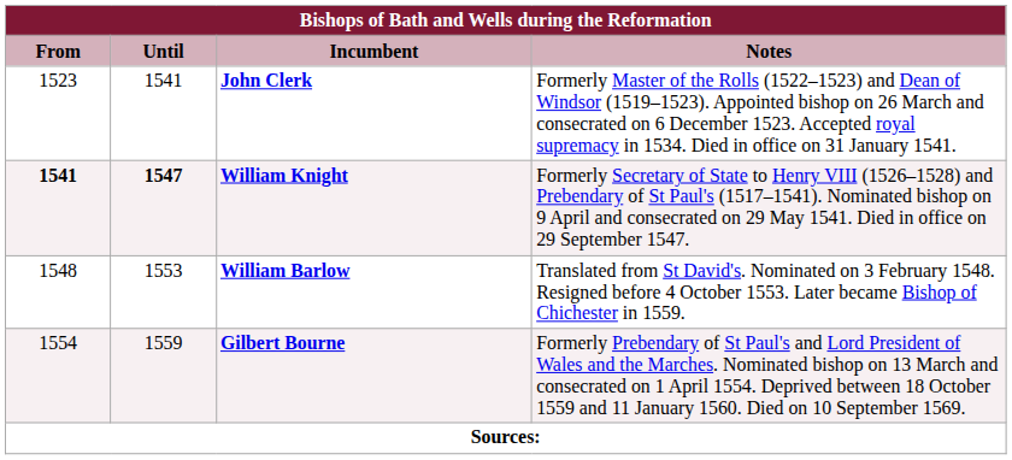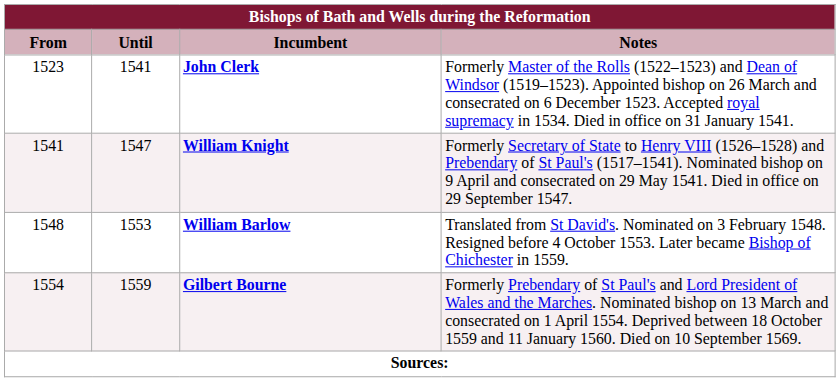 <table class="wikitable" style="width:95%;" border="1" cellpadding="2">
 <tr>
 <th colspan="4" style="background-color: #7F1734; color: white;">Bishops of Bath and Wells during the Reformation</th>
 </tr>
 <tr align=left>
 <th style="background-color: #D4B1BB; width: 10%;">From</th>
 <th style="background-color: #D4B1BB; width: 10%;">Until</th>
 <th style="background-color: #D4B1BB; width: 30%;">Incumbent</th>
 <th style="background-color: #D4B1BB; width: 45%;">Notes</th>
 </tr>
 <tr valign="top" style="background-color: white;">
 <td style="text-align: center;">1523</td>
 <td style="text-align: center;">1541</td>
 <td><strong><a href='#'>John Clerk</a></strong></td>
 <td>Formerly <a href='#'>Master of the Rolls</a> (1522–1523) and <a href='#'>Dean of Windsor</a> (1519–1523). Appointed bishop on 26 March and consecrated on 6 December 1523. Accepted <a href='#'>royal supremacy</a> in 1534. Died in office on 31 January 1541.</td>
 </tr>
 <tr valign="top" style="background-color: #F7F0F2;">
-<td style="text-align: center;"><strong>1541</strong></td>
-<td style="text-align: center;"><strong>1547</strong></td>
+<td style="text-align: center;">1541</td>
+<td style="text-align: center;">1547</td>
 <td><strong><a href='#'>William Knight</a></strong></td>
 <td>Formerly <a href='#'>Secretary of State</a> to <a href='#'>Henry VIII</a> (1526–1528) and <a href='#'>Prebendary</a> of <a href='#'>St Paul's</a> (1517–1541). Nominated bishop on 9 April and consecrated on 29 May 1541. Died in office on 29 September 1547.</td>
 </tr>
 <tr valign="top" style="background-color: white;">
 <td style="text-align: center;">1548</td>
 <td style="text-align: center;">1553</td>
 <td><strong><a href='#'>William Barlow</a></strong></td>
 <td>Translated from <a href='#'>St David's</a>. Nominated on 3 February 1548. Resigned before 4 October 1553. Later became <a href='#'>Bishop of Chichester</a> in 1559.</td>
 </tr>
 <tr valign="top" style="background-color: #F7F0F2;">
 <td style="text-align: center;">1554</td>
 <td style="text-align: center;">1559</td>
 <td><strong><a href='#'>Gilbert Bourne</a></strong></td>
 <td>Formerly <a href='#'>Prebendary</a> of <a href='#'>St Paul's</a> and <a href='#'>Lord President of Wales and the Marches</a>. Nominated bishop on 13 March and consecrated on 1 April 1554. Deprived between 18 October 1559 and 11 January 1560. Died on 10 September 1569.</td>
 </tr>
 <tr valign="top" style="background-color: white;">
 <td style="text-align:center;" colspan="4"><strong>Sources:</strong></td>
 </tr>
 </table>
